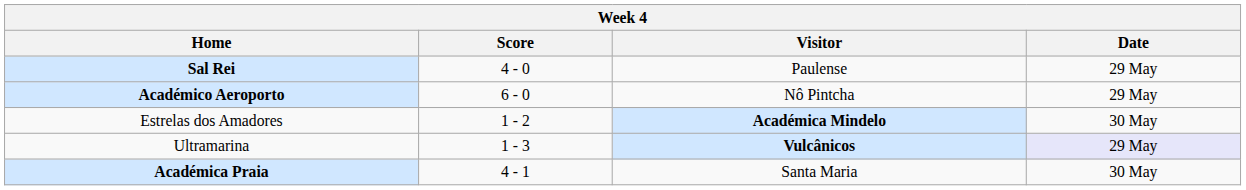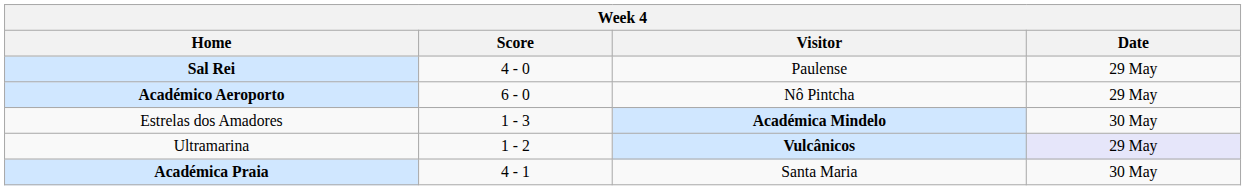 <table class="wikitable" style="font-size:95%; text-align: center; width: 95%;">
 <tr>
 <th colspan="12" style="with: 100%;" align=center>Week 4</th>
 </tr>
 <tr>
 <th width="200">Home</th>
 <th width="90">Score</th>
 <th width="200">Visitor</th>
 <th width="100">Date</th>
 </tr>
 <tr align=center>
 <td bgcolor=#D0E7FF><strong>Sal Rei</strong></td>
 <td>4 - 0</td>
 <td>Paulense</td>
 <td>29 May</td>
 </tr>
 <tr align=center>
 <td bgcolor=#D0E7FF><strong>Académico Aeroporto</strong></td>
 <td>6 - 0</td>
 <td>Nô Pintcha</td>
 <td>29 May</td>
 </tr>
 <tr align=center>
 <td>Estrelas dos Amadores</td>
-<td>1 - 2</td>
+<td>1 - 3</td>
 <td bgcolor=#D0E7FF><strong>Académica Mindelo</strong></td>
 <td>30 May</td>
 </tr>
 <tr align=center>
 <td>Ultramarina</td>
-<td>1 - 3</td>
+<td>1 - 2</td>
 <td bgcolor=#D0E7FF><strong>Vulcânicos</strong></td>
 <td style="background: lavender;">29 May</td>
 </tr>
 <tr align=center>
 <td bgcolor=#D0E7FF><strong>Académica Praia</strong></td>
 <td>4 - 1</td>
 <td>Santa Maria</td>
 <td>30 May</td>
 </tr>
 </table>
